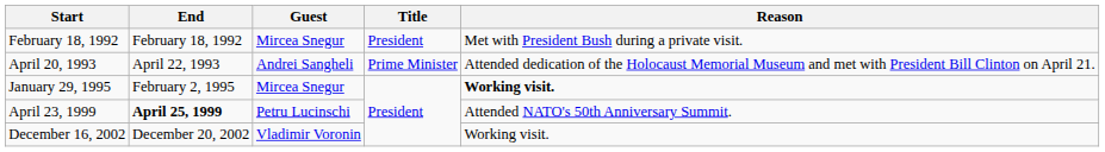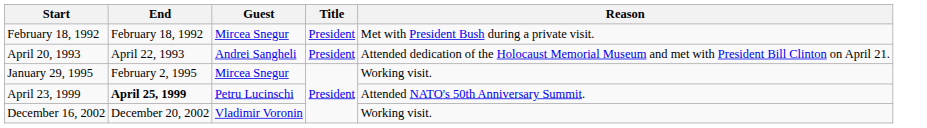 <table class="wikitable sortable">
 <tr>
 <th>Start</th>
 <th>End</th>
 <th>Guest</th>
 <th>Title</th>
 <th>Reason</th>
 </tr>
 <tr>
 <td>February 18, 1992</td>
 <td>February 18, 1992</td>
 <td><a href='#'>Mircea Snegur</a></td>
 <td><a href='#'>President</a></td>
 <td>Met with <a href='#'>President Bush</a> during a private visit.</td>
 </tr>
 <tr>
 <td>April 20, 1993</td>
 <td>April 22, 1993</td>
 <td><a href='#'>Andrei Sangheli</a></td>
-<td><a href='#'>Prime Minister</a></td>
+<td><a href='#'>President</a></td>
 <td>Attended dedication of the <a href='#'>Holocaust Memorial Museum</a> and met with <a href='#'>President Bill Clinton</a> on April 21.</td>
 </tr>
 <tr>
 <td>January 29, 1995</td>
 <td>February 2, 1995</td>
 <td><a href='#'>Mircea Snegur</a></td>
 <td rowspan="3"><a href='#'>President</a></td>
-<td><strong>Working visit.</strong></td>
+<td>Working visit.</td>
 </tr>
 <tr>
 <td>April 23, 1999</td>
 <td><strong>April 25, 1999</strong></td>
 <td><a href='#'>Petru Lucinschi</a></td>
 <td>Attended <a href='#'>NATO's 50th Anniversary Summit</a>.</td>
 </tr>
 <tr>
 <td>December 16, 2002</td>
 <td>December 20, 2002</td>
 <td><a href='#'>Vladimir Voronin</a></td>
 <td>Working visit.</td>
 </tr>
 </table>
